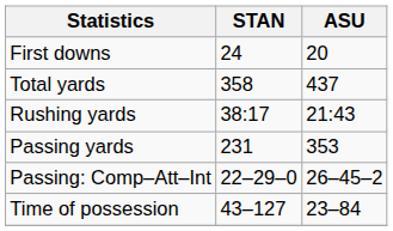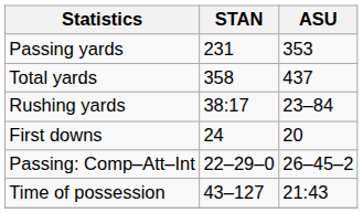 <table class="wikitable" style="float: left;">
 <tr>
 <th>Statistics</th>
 <th>STAN</th>
 <th>ASU</th>
 </tr>
 <tr>
-<td>First downs</td>
-<td>24</td>
-<td>20</td>
+<td>Passing yards</td>
+<td>231</td>
+<td>353</td>
 </tr>
 <tr>
 <td>Total yards</td>
 <td>358</td>
 <td>437</td>
 </tr>
 <tr>
 <td>Rushing yards</td>
 <td>38:17</td>
-<td>21:43</td>
+<td>23–84</td>
 </tr>
 <tr>
-<td>Passing yards</td>
-<td>231</td>
-<td>353</td>
+<td>First downs</td>
+<td>24</td>
+<td>20</td>
 </tr>
 <tr>
 <td>Passing: Comp–Att–Int</td>
 <td>22–29–0</td>
 <td>26–45–2</td>
 </tr>
 <tr>
 <td>Time of possession</td>
 <td>43–127</td>
-<td>23–84</td>
+<td>21:43</td>
 </tr>
 <tr>
 </tr>
 </table>
